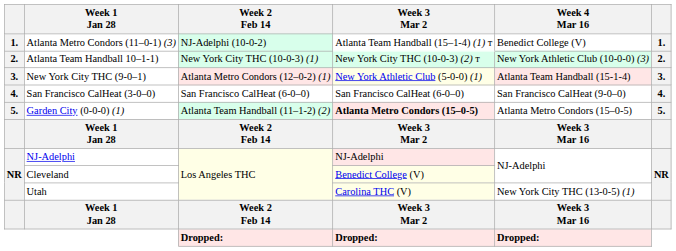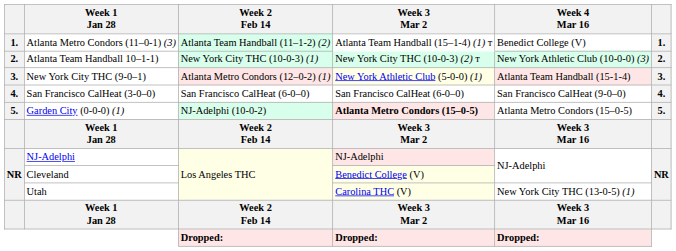 <table class="wikitable" style="font-size:90%; white-space:nowrap;background-color:white">
 <tr>
 <th></th>
 <th>Week 1<br>Jan 28</th>
 <th>Week 2<br>Feb 14</th>
 <th>Week 3<br>Mar 2</th>
 <th>Week 4<br>Mar 16</th>
 <th></th>
 </tr>
 <tr>
 <th>1.</th>
 <td>Atlanta Metro Condors (11–0-1) <em>(3)</em></td>
-<td style="background-color:#D8FFEB">NJ-Adelphi (10-0-2)</td>
+<td style="background-color:#D8FFEB">Atlanta Team Handball (11–1-2) <em>(2)</em></td>
 <td style="background-color:white;border-bottom:1px solid white">Atlanta Team Handball (15–1-4) <em>(1)</em> т</td>
 <td>Benedict College (V)</td>
 <th>1.</th>
 </tr>
 <tr>
 <th>2.</th>
 <td>Atlanta Team Handball 10–1-1)</td>
 <td style="background-color:#D8FFEB">New York City THC (10-0-3) <em>(1)</em></td>
 <td style="background-color:#D8FFEB">New York City THC (10-0-3) <em>(2)</em> т</td>
 <td style="background-color:#D8FFEB">New York Athletic Club (10-0-0) <em>(3)</em></td>
 <th>2.</th>
 </tr>
 <tr>
 <th>3.</th>
 <td>New York City THC (9-0–1)</td>
 <td style="background-color:#FFE6E6">Atlanta Metro Condors (12–0-2) <em>(1)</em></td>
 <td style="background-color:#FFFFE6"><a href='#'>New York Athletic Club</a> (5-0-0) <em>(1)</em></td>
 <td style="background-color:#FFE6E6">Atlanta Team Handball (15-1-4)</td>
 <th>3.</th>
 </tr>
 <tr>
 <th>4.</th>
 <td>San Francisco CalHeat (3-0–0)</td>
 <td>San Francisco CalHeat (6-0–0)</td>
 <td>San Francisco CalHeat (6-0–0)</td>
 <td>San Francisco CalHeat (9-0–0)</td>
 <th>4.</th>
 </tr>
 <tr>
 <th>5.</th>
 <td><a href='#'>Garden City</a> (0-0-0) <em>(1)</em></td>
-<td style="background-color:#D8FFEB">Atlanta Team Handball (11–1-2) <em>(2)</em></td>
+<td style="background-color:#D8FFEB">NJ-Adelphi (10-0-2)</td>
 <td style="background-color:#FFE6E6"><strong>Atlanta Metro Condors (15–0-5)</strong></td>
 <td>Atlanta Metro Condors (15–0-5)</td>
 <th>5.</th>
 </tr>
 <tr>
 <th></th>
 <th>Week 1<br>Jan 28</th>
 <th>Week 2<br>Feb 14</th>
 <th>Week 3<br>Mar 2</th>
 <th>Week 3<br>Mar 16</th>
 <th></th>
 </tr>
 <tr>
 <th rowspan="3">NR</th>
 <td><a href='#'>NJ-Adelphi</a></td>
 <td rowspan="3" style="background-color:#FFFFE6">Los Angeles THC</td>
 <td style="background-color:#FFE6E6">NJ-Adelphi</td>
 <td rowspan="2">NJ-Adelphi</td>
 <th rowspan="3">NR</th>
 </tr>
 <tr>
 <td>Cleveland</td>
 <td style="background-color:#FFFFE6"><a href='#'>Benedict College</a> (V)</td>
 </tr>
 <tr>
 <td>Utah</td>
 <td style="background-color:#FFFFE6"><a href='#'>Carolina THC</a> (V)</td>
 <td>New York City THC (13-0-5) <em>(1)</em></td>
 </tr>
 <tr>
 <th></th>
 <th>Week 1<br>Jan 28</th>
 <th>Week 2<br>Feb 14</th>
 <th>Week 3<br>Mar 2</th>
 <th>Week 3<br>Mar 16</th>
 <th></th>
 </tr>
 <tr>
 <td colspan="2"  style="background:transparent;border-bottom-style:hidden;border-left-style:hidden"></td>
 <td style="vertical-align:top;background-color:#FFE6E6"><strong>Dropped:</strong><br></td>
 <td style="vertical-align:top;background-color:#FFE6E6"><strong>Dropped:</strong><br></td>
 <td style="vertical-align:top;background-color:#FFE6E6"><strong>Dropped:</strong><br></td>
 <td style="background:transparent;border-bottom-style:hidden;border-right-style:hidden"></td>
 </tr>
 </table>
